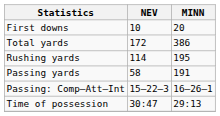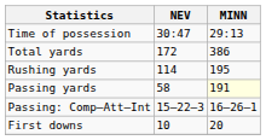 <table class="wikitable" style="float: left;">
 <tr>
 <th>Statistics</th>
 <th>NEV</th>
 <th>MINN</th>
 </tr>
 <tr>
-<td>First downs</td>
-<td>10</td>
-<td>20</td>
+<td>Time of possession</td>
+<td>30:47</td>
+<td>29:13</td>
 </tr>
 <tr>
 <td>Total yards</td>
 <td>172</td>
 <td>386</td>
 </tr>
 <tr>
 <td>Rushing yards</td>
 <td>114</td>
 <td>195</td>
 </tr>
 <tr>
 <td>Passing yards</td>
 <td>58</td>
-<td>191</td>
+<td style="background: lightyellow;">191</td>
 </tr>
 <tr>
 <td>Passing: Comp–Att–Int</td>
 <td>15–22–3</td>
 <td>16–26–1</td>
 </tr>
 <tr>
-<td>Time of possession</td>
-<td>30:47</td>
-<td>29:13</td>
+<td>First downs</td>
+<td>10</td>
+<td>20</td>
 </tr>
 <tr>
 </tr>
 </table>
